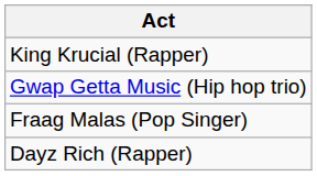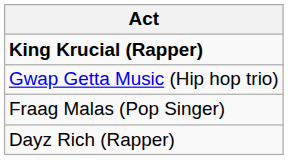 <table class="wikitable">
 <tr style="background:#ccc;">
 <th style="text-align:center;">Act</th>
 </tr>
 <tr>
-<td>King Krucial (Rapper)</td>
+<td><strong>King Krucial (Rapper)</strong></td>
 </tr>
 <tr>
 <td><a href='#'>Gwap Getta Music</a> (Hip hop trio)</td>
 </tr>
 <tr>
 <td>Fraag Malas (Pop Singer)</td>
 </tr>
 <tr>
 <td>Dayz Rich (Rapper)</td>
 </tr>
 </table>
